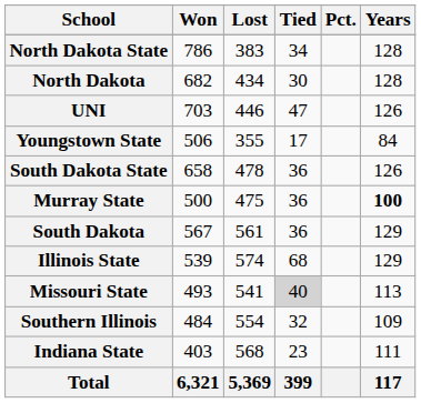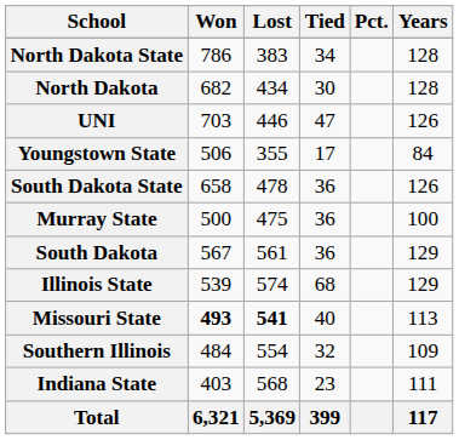 <table class="wikitable sortable plainrowheaders" style="text-align: center;">
 <tr>
 </tr>
 <tr>
 <th scope="col">School</th>
 <th scope="col">Won</th>
 <th scope="col">Lost</th>
 <th scope="col">Tied</th>
 <th scope="col">Pct.</th>
 <th scope="col">Years</th>
 </tr>
 <tr>
 </tr>
 <tr>
 <th scope="row">North Dakota State</th>
 <td>786</td>
 <td>383</td>
 <td>34</td>
 <td></td>
 <td>128</td>
 </tr>
 <tr>
 <th scope="row">North Dakota</th>
 <td>682</td>
 <td>434</td>
 <td>30</td>
 <td></td>
 <td>128</td>
 </tr>
 <tr>
 <th scope="row">UNI</th>
 <td>703</td>
 <td>446</td>
 <td>47</td>
 <td></td>
 <td>126</td>
 </tr>
 <tr>
 <th scope="row">Youngstown State</th>
 <td>506</td>
 <td>355</td>
 <td>17</td>
 <td></td>
 <td>84</td>
 </tr>
 <tr>
 <th scope="row">South Dakota State</th>
 <td>658</td>
 <td>478</td>
 <td>36</td>
 <td></td>
 <td>126</td>
 </tr>
 <tr>
 <th scope="row">Murray State</th>
 <td>500</td>
 <td>475</td>
 <td>36</td>
 <td></td>
-<td><strong>100</strong></td>
+<td>100</td>
 </tr>
 <tr>
 <th scope="row">South Dakota</th>
 <td>567</td>
 <td>561</td>
 <td>36</td>
 <td></td>
 <td>129</td>
 </tr>
 <tr>
 <th scope="row">Illinois State</th>
 <td>539</td>
 <td>574</td>
 <td>68</td>
 <td></td>
 <td>129</td>
 </tr>
 <tr>
 <th scope="row">Missouri State</th>
-<td>493</td>
-<td>541</td>
-<td style="background: lightgrey;">40</td>
+<td><strong>493</strong></td>
+<td><strong>541</strong></td>
+<td>40</td>
 <td></td>
 <td>113</td>
 </tr>
 <tr>
 <th scope="row">Southern Illinois</th>
 <td>484</td>
 <td>554</td>
 <td>32</td>
 <td></td>
 <td>109</td>
 </tr>
 <tr>
 <th scope="row">Indiana State</th>
 <td>403</td>
 <td>568</td>
 <td>23</td>
 <td></td>
 <td>111</td>
 </tr>
 <tr>
 <th scope="row" style="font-weight: bold;">Total</th>
 <th scope="col">6,321</th>
 <th scope="col">5,369</th>
 <th scope="col">399</th>
 <th scope="col"></th>
 <th scope="col">117</th>
 </tr>
 </table>
